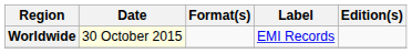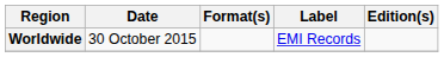 <table class="wikitable plainrowheaders">
 <tr>
 <th scope="col">Region</th>
 <th scope="col">Date</th>
 <th scope="col">Format(s)</th>
 <th scope="col">Label</th>
 <th scope="col">Edition(s)</th>
 </tr>
 <tr>
 <th scope="row">Worldwide</th>
-<td style="background: lightyellow;">30 October 2015</td>
+<td>30 October 2015</td>
 <td></td>
 <td><a href='#'>EMI Records</a></td>
 <td></td>
 </tr>
 <tr>
 </tr>
 </table>
